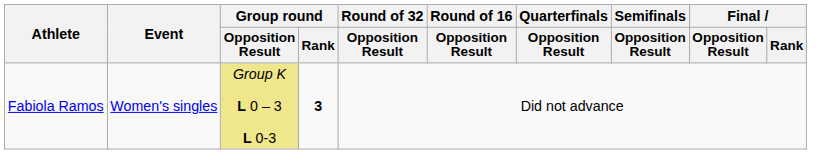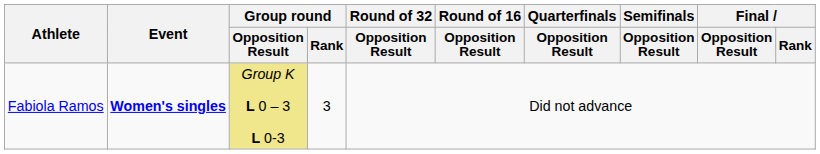 <table class="wikitable" style="font-size:90%">
 <tr>
 <th rowspan="2">Athlete</th>
 <th rowspan="2">Event</th>
 <th colspan="2">Group round</th>
 <th>Round of 32</th>
 <th>Round of 16</th>
 <th>Quarterfinals</th>
 <th>Semifinals</th>
 <th colspan=2>Final / </th>
 </tr>
 <tr style="font-size:95%">
 <th>Opposition<br>Result</th>
 <th>Rank</th>
 <th>Opposition<br>Result</th>
 <th>Opposition<br>Result</th>
 <th>Opposition<br>Result</th>
 <th>Opposition<br>Result</th>
 <th>Opposition<br>Result</th>
 <th>Rank</th>
 </tr>
 <tr align=center>
 <td align=left><a href='#'>Fabiola Ramos</a></td>
-<td align=left><a href='#'>Women's singles</a></td>
+<td align=left><strong><a href='#'>Women's singles</a></strong></td>
 <td style="background: khaki;"><em>Group K</em><br><br><strong>L</strong> 0 – 3<br><br><strong>L</strong> 0-3</td>
-<td><strong>3</strong></td>
+<td>3</td>
 <td colspan=6>Did not advance</td>
 </tr>
 </table>
